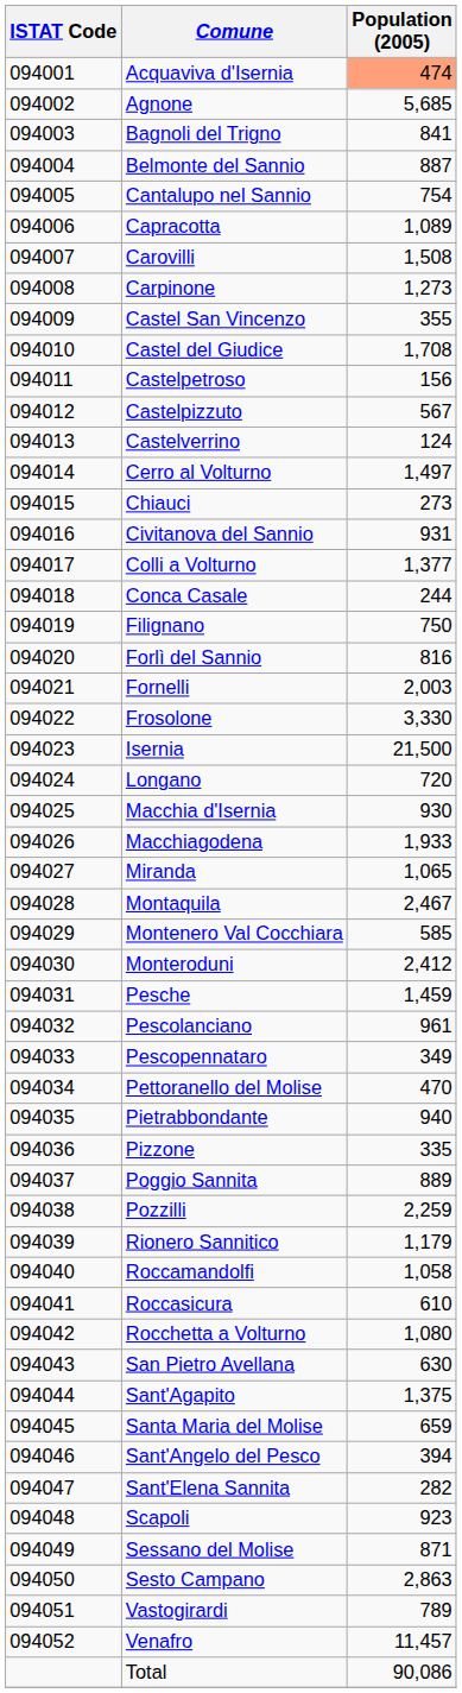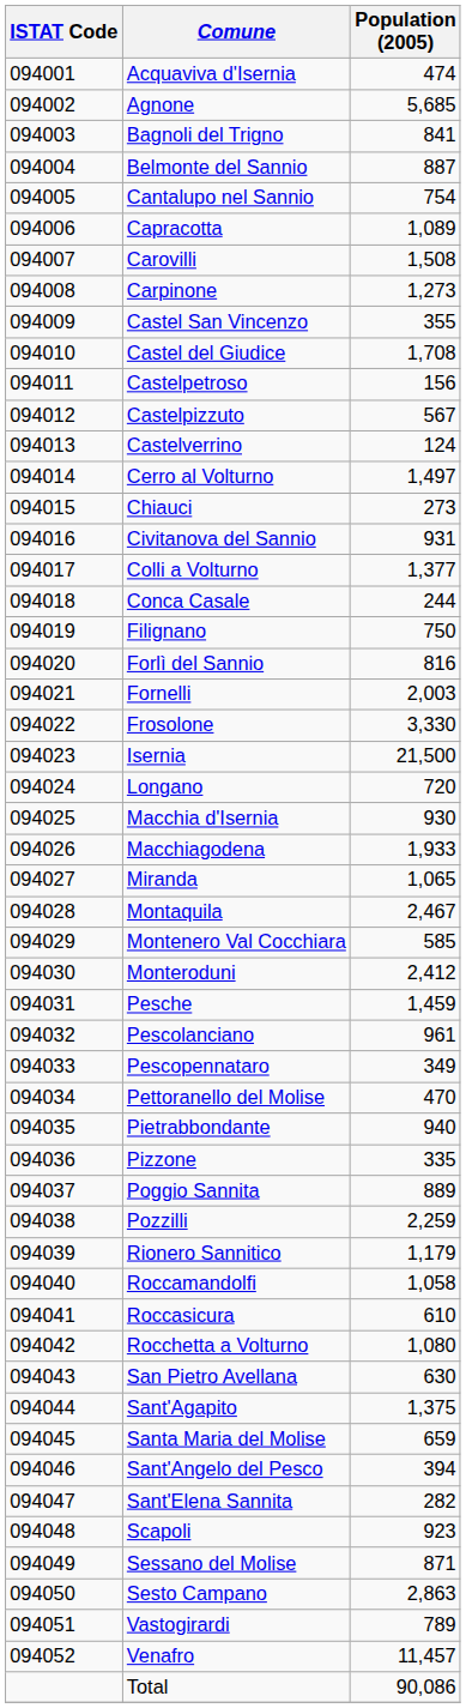 <table class="wikitable sortable">
 <tr>
 <th><a href='#'>ISTAT</a> Code</th>
 <th><em><a href='#'>Comune</a></em></th>
 <th>Population <br>(2005)</th>
 </tr>
 <tr>
 <td>094001</td>
 <td><a href='#'>Acquaviva d'Isernia</a></td>
-<td align="right" style="background: lightsalmon;">474</td>
+<td align="right">474</td>
 </tr>
 <tr>
 <td>094002</td>
 <td><a href='#'>Agnone</a></td>
 <td align="right">5,685</td>
 </tr>
 <tr>
 <td>094003</td>
 <td><a href='#'>Bagnoli del Trigno</a></td>
 <td align="right">841</td>
 </tr>
 <tr>
 <td>094004</td>
 <td><a href='#'>Belmonte del Sannio</a></td>
 <td align="right">887</td>
 </tr>
 <tr>
 <td>094005</td>
 <td><a href='#'>Cantalupo nel Sannio</a></td>
 <td align="right">754</td>
 </tr>
 <tr>
 <td>094006</td>
 <td><a href='#'>Capracotta</a></td>
 <td align="right">1,089</td>
 </tr>
 <tr>
 <td>094007</td>
 <td><a href='#'>Carovilli</a></td>
 <td align="right">1,508</td>
 </tr>
 <tr>
 <td>094008</td>
 <td><a href='#'>Carpinone</a></td>
 <td align="right">1,273</td>
 </tr>
 <tr>
 <td>094009</td>
 <td><a href='#'>Castel San Vincenzo</a></td>
 <td align="right">355</td>
 </tr>
 <tr>
 <td>094010</td>
 <td><a href='#'>Castel del Giudice</a></td>
 <td align="right">1,708</td>
 </tr>
 <tr>
 <td>094011</td>
 <td><a href='#'>Castelpetroso</a></td>
 <td align="right">156</td>
 </tr>
 <tr>
 <td>094012</td>
 <td><a href='#'>Castelpizzuto</a></td>
 <td align="right">567</td>
 </tr>
 <tr>
 <td>094013</td>
 <td><a href='#'>Castelverrino</a></td>
 <td align="right">124</td>
 </tr>
 <tr>
 <td>094014</td>
 <td><a href='#'>Cerro al Volturno</a></td>
 <td align="right">1,497</td>
 </tr>
 <tr>
 <td>094015</td>
 <td><a href='#'>Chiauci</a></td>
 <td align="right">273</td>
 </tr>
 <tr>
 <td>094016</td>
 <td><a href='#'>Civitanova del Sannio</a></td>
 <td align="right">931</td>
 </tr>
 <tr>
 <td>094017</td>
 <td><a href='#'>Colli a Volturno</a></td>
 <td align="right">1,377</td>
 </tr>
 <tr>
 <td>094018</td>
 <td><a href='#'>Conca Casale</a></td>
 <td align="right">244</td>
 </tr>
 <tr>
 <td>094019</td>
 <td><a href='#'>Filignano</a></td>
 <td align="right">750</td>
 </tr>
 <tr>
 <td>094020</td>
 <td><a href='#'>Forlì del Sannio</a></td>
 <td align="right">816</td>
 </tr>
 <tr>
 <td>094021</td>
 <td><a href='#'>Fornelli</a></td>
 <td align="right">2,003</td>
 </tr>
 <tr>
 <td>094022</td>
 <td><a href='#'>Frosolone</a></td>
 <td align="right">3,330</td>
 </tr>
 <tr>
 <td>094023</td>
 <td><a href='#'>Isernia</a></td>
 <td align="right">21,500</td>
 </tr>
 <tr>
 <td>094024</td>
 <td><a href='#'>Longano</a></td>
 <td align="right">720</td>
 </tr>
 <tr>
 <td>094025</td>
 <td><a href='#'>Macchia d'Isernia</a></td>
 <td align="right">930</td>
 </tr>
 <tr>
 <td>094026</td>
 <td><a href='#'>Macchiagodena</a></td>
 <td align="right">1,933</td>
 </tr>
 <tr>
 <td>094027</td>
 <td><a href='#'>Miranda</a></td>
 <td align="right">1,065</td>
 </tr>
 <tr>
 <td>094028</td>
 <td><a href='#'>Montaquila</a></td>
 <td align="right">2,467</td>
 </tr>
 <tr>
 <td>094029</td>
 <td><a href='#'>Montenero Val Cocchiara</a></td>
 <td align="right">585</td>
 </tr>
 <tr>
 <td>094030</td>
 <td><a href='#'>Monteroduni</a></td>
 <td align="right">2,412</td>
 </tr>
 <tr>
 <td>094031</td>
 <td><a href='#'>Pesche</a></td>
 <td align="right">1,459</td>
 </tr>
 <tr>
 <td>094032</td>
 <td><a href='#'>Pescolanciano</a></td>
 <td align="right">961</td>
 </tr>
 <tr>
 <td>094033</td>
 <td><a href='#'>Pescopennataro</a></td>
 <td align="right">349</td>
 </tr>
 <tr>
 <td>094034</td>
 <td><a href='#'>Pettoranello del Molise</a></td>
 <td align="right">470</td>
 </tr>
 <tr>
 <td>094035</td>
 <td><a href='#'>Pietrabbondante</a></td>
 <td align="right">940</td>
 </tr>
 <tr>
 <td>094036</td>
 <td><a href='#'>Pizzone</a></td>
 <td align="right">335</td>
 </tr>
 <tr>
 <td>094037</td>
 <td><a href='#'>Poggio Sannita</a></td>
 <td align="right">889</td>
 </tr>
 <tr>
 <td>094038</td>
 <td><a href='#'>Pozzilli</a></td>
 <td align="right">2,259</td>
 </tr>
 <tr>
 <td>094039</td>
 <td><a href='#'>Rionero Sannitico</a></td>
 <td align="right">1,179</td>
 </tr>
 <tr>
 <td>094040</td>
 <td><a href='#'>Roccamandolfi</a></td>
 <td align="right">1,058</td>
 </tr>
 <tr>
 <td>094041</td>
 <td><a href='#'>Roccasicura</a></td>
 <td align="right">610</td>
 </tr>
 <tr>
 <td>094042</td>
 <td><a href='#'>Rocchetta a Volturno</a></td>
 <td align="right">1,080</td>
 </tr>
 <tr>
 <td>094043</td>
 <td><a href='#'>San Pietro Avellana</a></td>
 <td align="right">630</td>
 </tr>
 <tr>
 <td>094044</td>
 <td><a href='#'>Sant'Agapito</a></td>
 <td align="right">1,375</td>
 </tr>
 <tr>
 <td>094045</td>
 <td><a href='#'>Santa Maria del Molise</a></td>
 <td align="right">659</td>
 </tr>
 <tr>
 <td>094046</td>
 <td><a href='#'>Sant'Angelo del Pesco</a></td>
 <td align="right">394</td>
 </tr>
 <tr>
 <td>094047</td>
 <td><a href='#'>Sant'Elena Sannita</a></td>
 <td align="right">282</td>
 </tr>
 <tr>
 <td>094048</td>
 <td><a href='#'>Scapoli</a></td>
 <td align="right">923</td>
 </tr>
 <tr>
 <td>094049</td>
 <td><a href='#'>Sessano del Molise</a></td>
 <td align="right">871</td>
 </tr>
 <tr>
 <td>094050</td>
 <td><a href='#'>Sesto Campano</a></td>
 <td align="right">2,863</td>
 </tr>
 <tr>
 <td>094051</td>
 <td><a href='#'>Vastogirardi</a></td>
 <td align="right">789</td>
 </tr>
 <tr>
 <td>094052</td>
 <td><a href='#'>Venafro</a></td>
 <td align="right">11,457</td>
 </tr>
 <tr>
 <td></td>
 <td>Total</td>
 <td align="right">90,086</td>
 </tr>
 <tr>
 </tr>
 </table>
